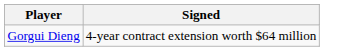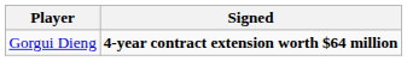 <table class="wikitable sortable sortable">
 <tr>
 <th>Player</th>
 <th>Signed</th>
 </tr>
 <tr style="text-align: center">
 <td><a href='#'>Gorgui Dieng</a></td>
-<td>4-year contract extension worth $64 million</td>
+<td><strong>4-year contract extension worth $64 million</strong></td>
 </tr>
 </table>
